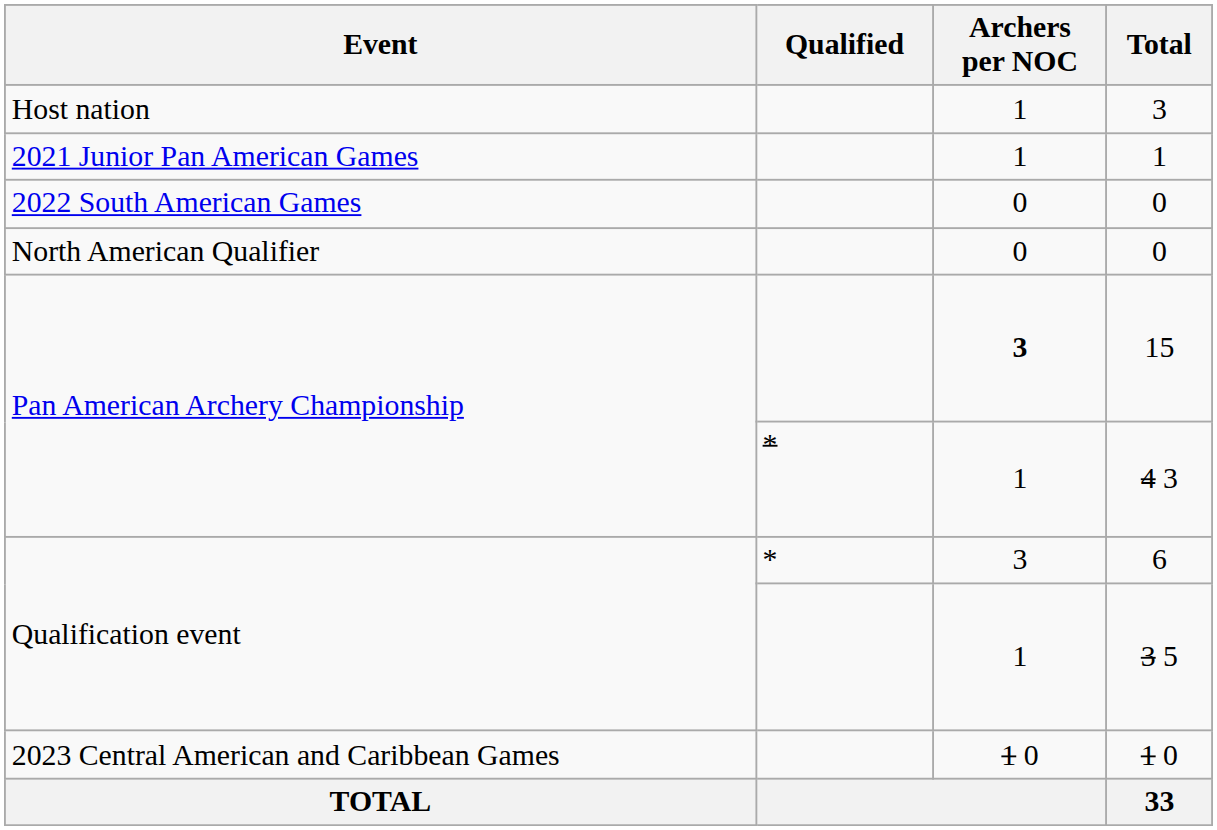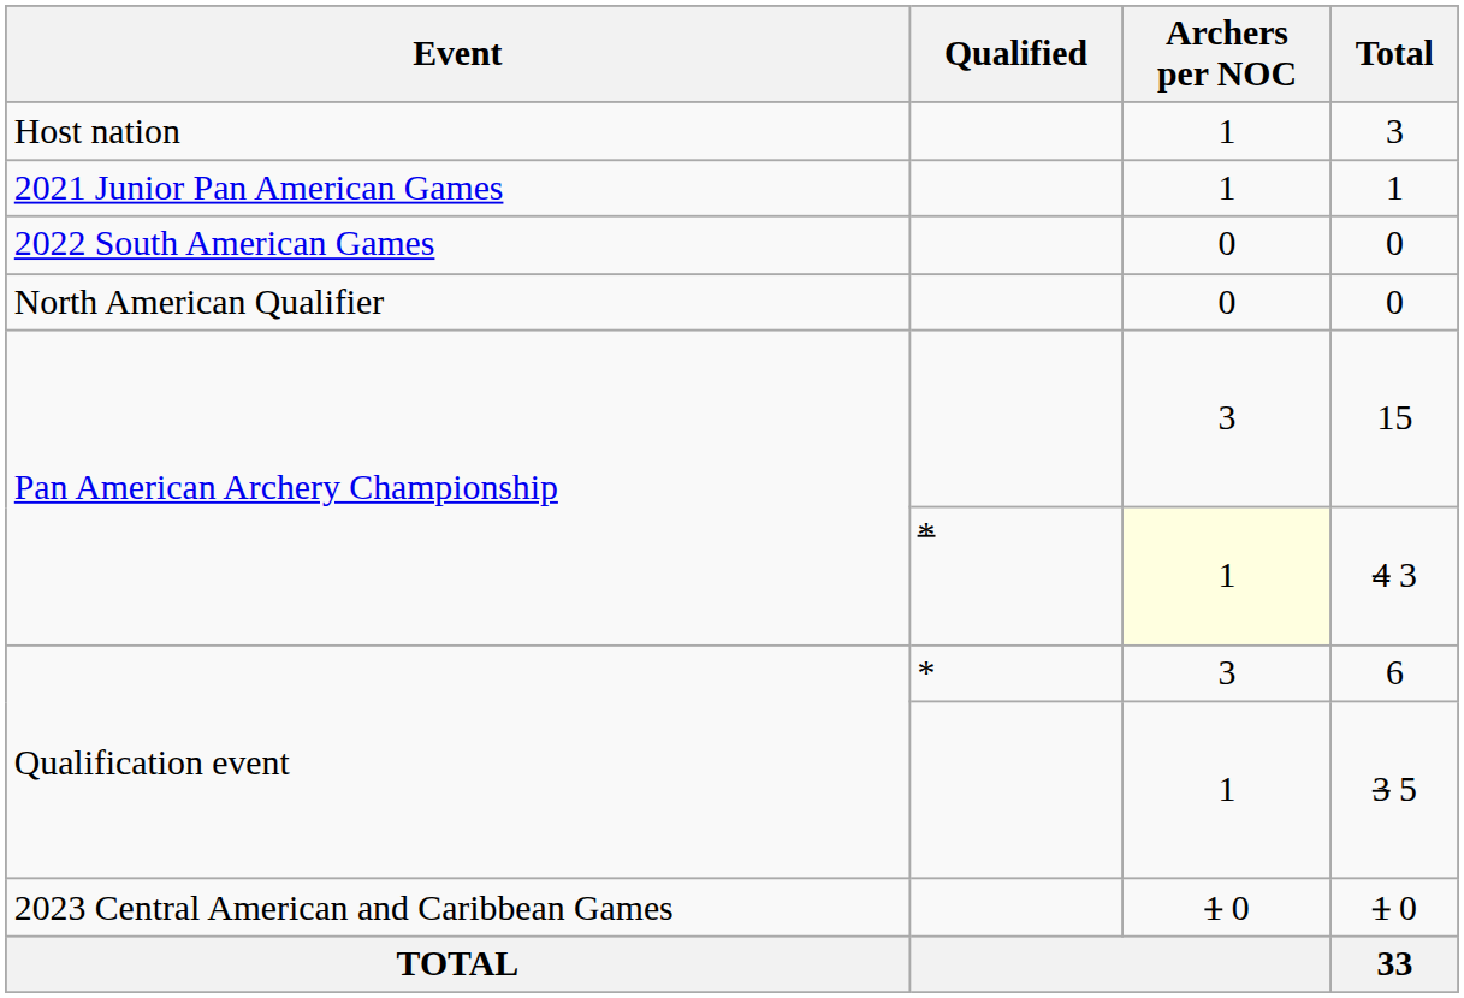 <table class="wikitable" width="650">
 <tr>
 <th>Event</th>
 <th>Qualified</th>
 <th>Archers<br> per NOC</th>
 <th>Total</th>
 </tr>
 <tr>
 <td>Host nation</td>
 <td></td>
 <td style="text-align:center">1</td>
 <td style="text-align:center">3</td>
 </tr>
 <tr>
 <td><a href='#'>2021 Junior Pan American Games</a></td>
 <td></td>
 <td style="text-align:center">1</td>
 <td style="text-align:center">1</td>
 </tr>
 <tr>
 <td><a href='#'>2022 South American Games</a></td>
 <td></td>
 <td style="text-align:center">0</td>
 <td style="text-align:center">0</td>
 </tr>
 <tr>
 <td>North American Qualifier</td>
 <td></td>
 <td style="text-align:center">0</td>
 <td style="text-align:center">0</td>
 </tr>
 <tr>
 <td rowspan="2"><a href='#'>Pan American Archery Championship</a></td>
 <td><br><br><br><br></td>
-<td style="text-align:center"><strong>3</strong></td>
+<td style="text-align:center">3</td>
 <td style="text-align:center">15</td>
 </tr>
 <tr>
 <td><s>*</s><br><br><br></td>
-<td style="text-align:center">1</td>
+<td style="background: lightyellow; text-align:center">1</td>
 <td style="text-align:center"><s>4</s> 3</td>
 </tr>
 <tr>
 <td rowspan="2">Qualification event</td>
 <td>*<br></td>
 <td style="text-align:center">3</td>
 <td style="text-align:center">6</td>
 </tr>
 <tr>
 <td><br><br><br><br></td>
 <td style="text-align:center">1</td>
 <td style="text-align:center"><s>3</s> 5</td>
 </tr>
 <tr>
 <td>2023 Central American and Caribbean Games</td>
 <td></td>
 <td style="text-align:center"><s>1</s> 0</td>
 <td style="text-align:center"><s>1</s> 0</td>
 </tr>
 <tr>
 <th>TOTAL</th>
 <th colspan="2"></th>
 <th>33</th>
 </tr>
 </table>
